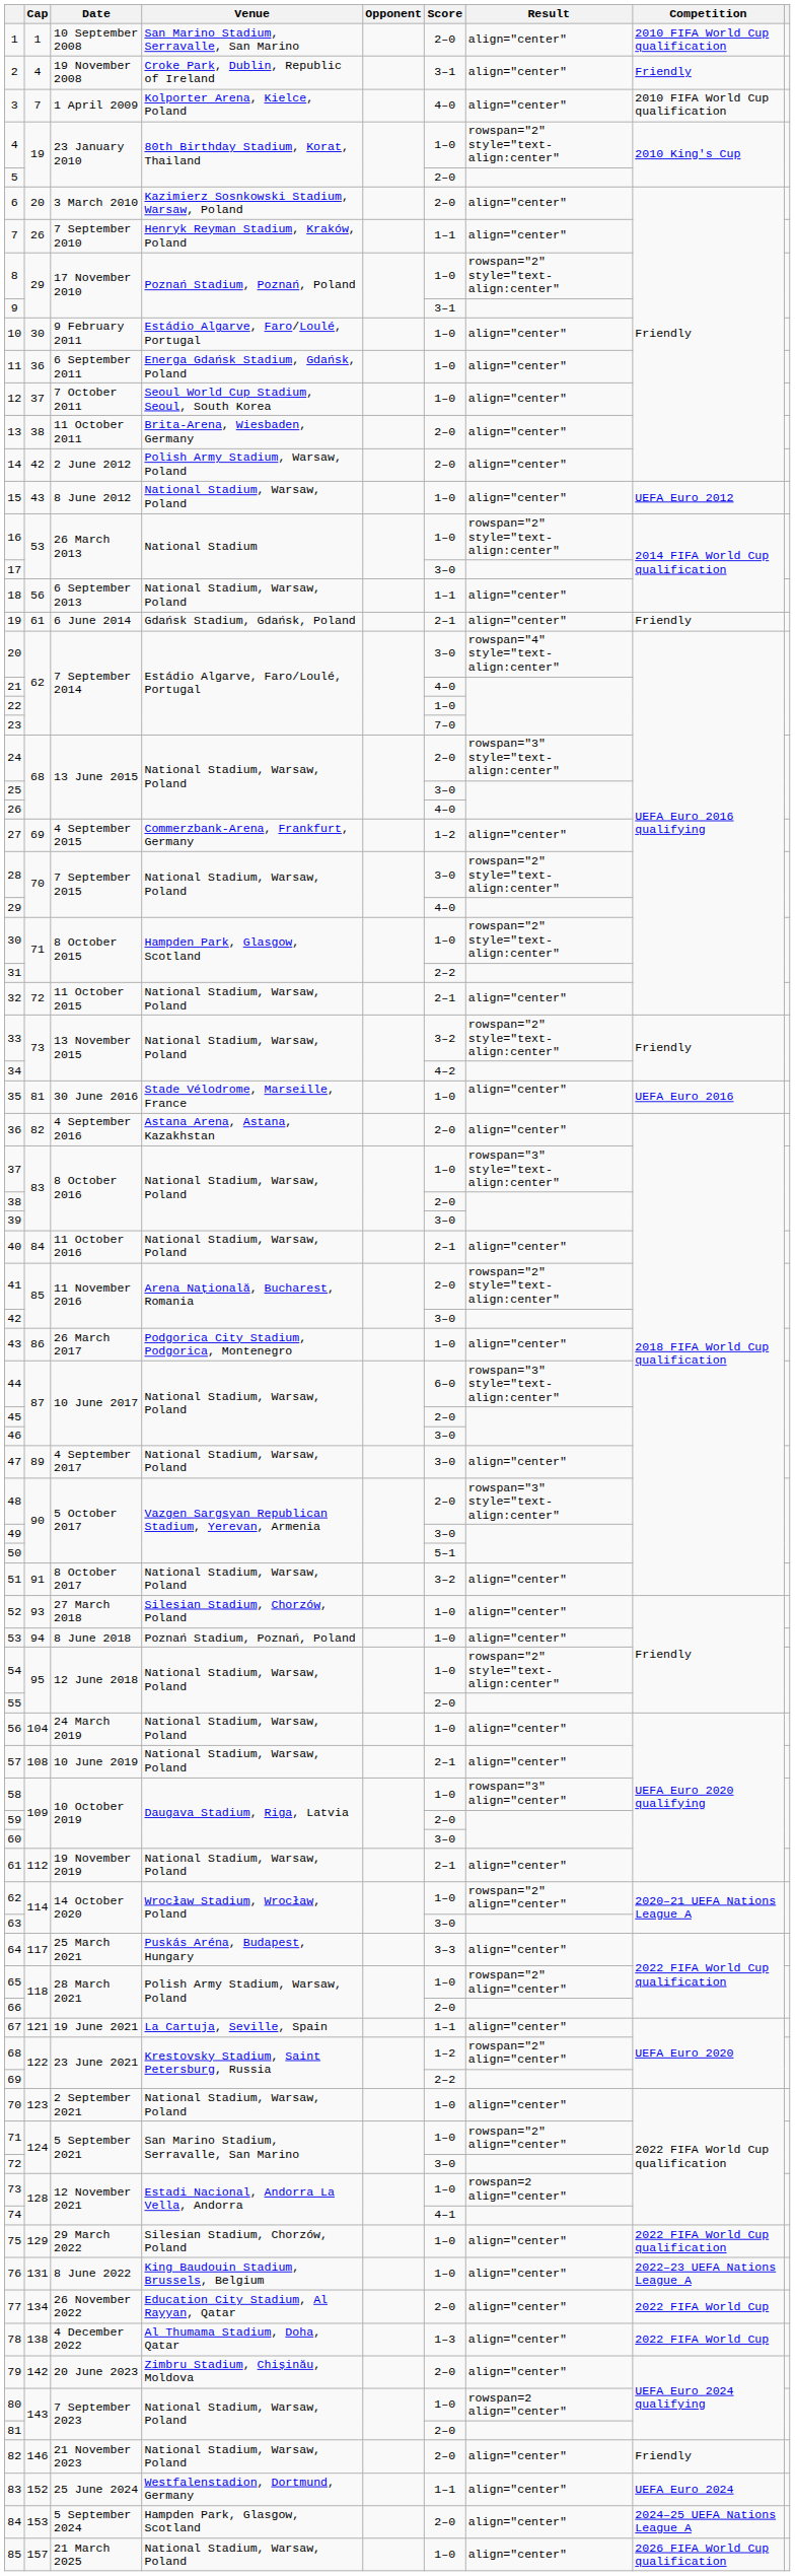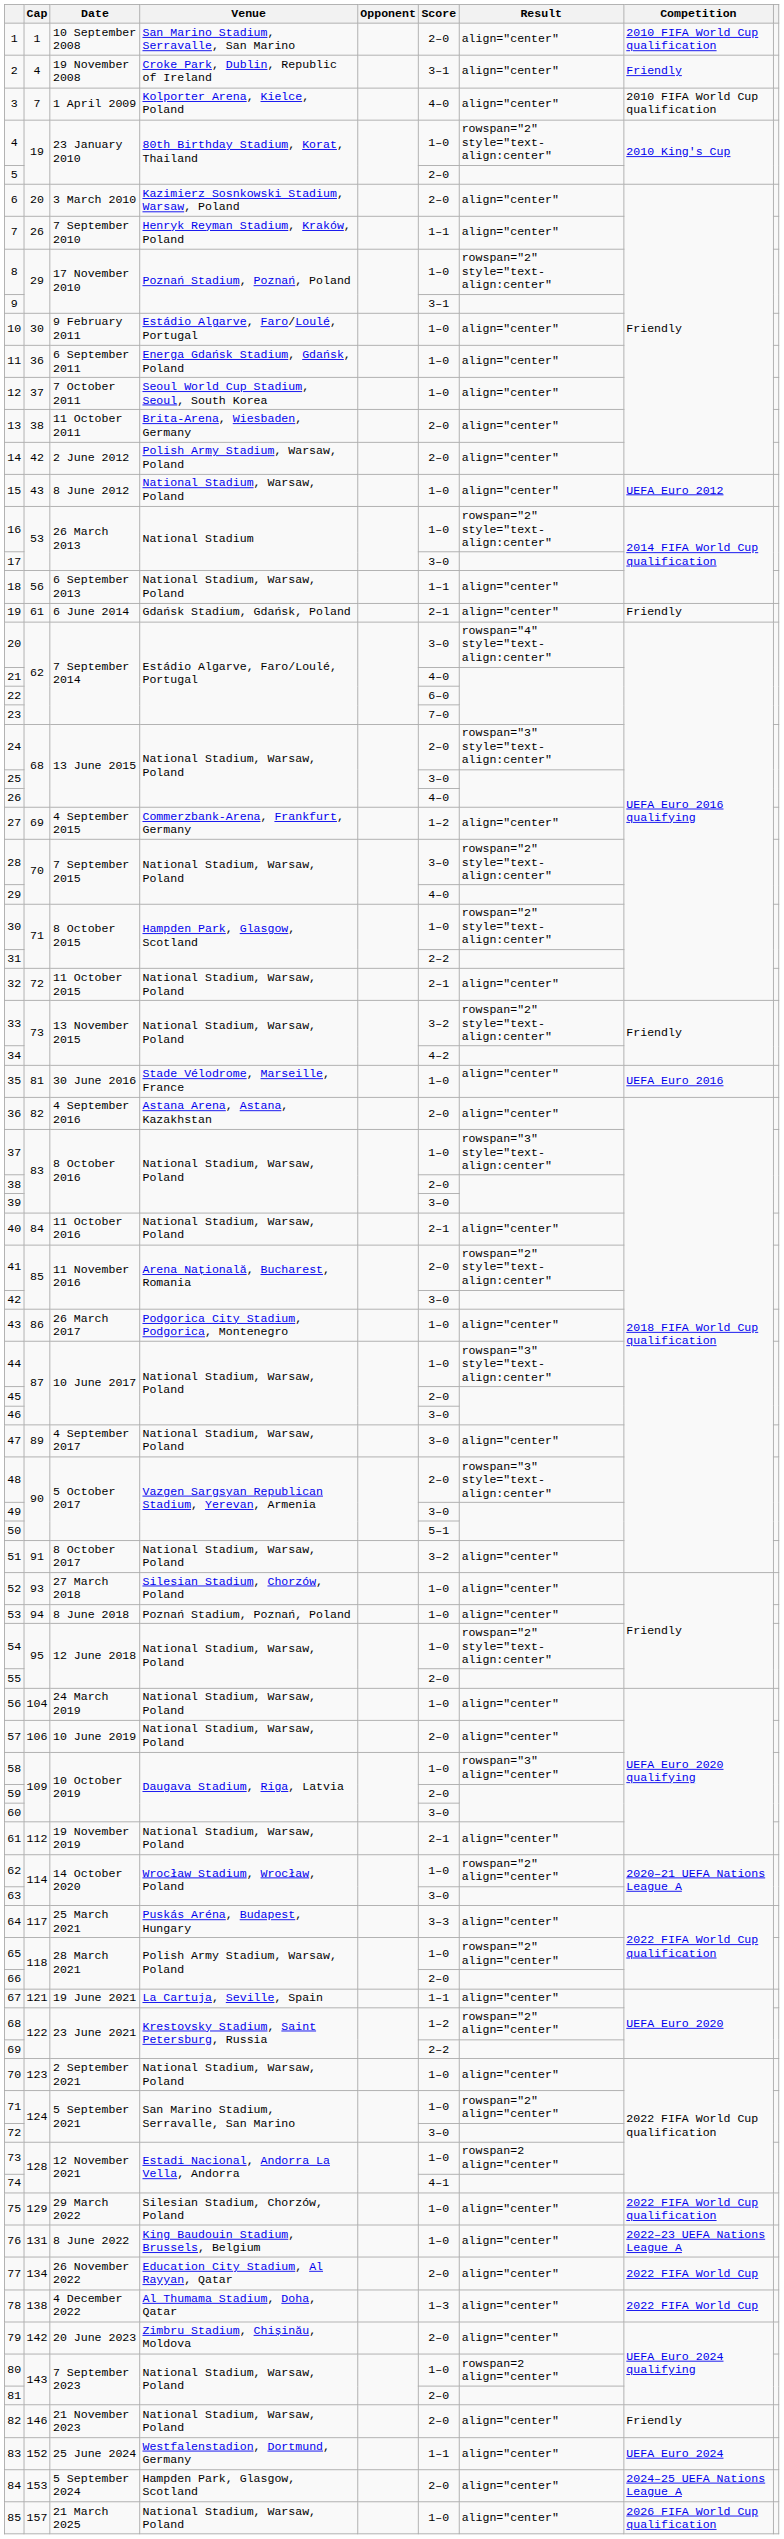 <table class="wikitable sortable">
 <tr>
 <th scope="col"></th>
 <th scope="col">Cap</th>
 <th scope="col">Date</th>
 <th scope="col">Venue</th>
 <th scope="col">Opponent</th>
 <th scope="col">Score</th>
 <th scope="col">Result</th>
 <th scope="col">Competition</th>
 <th scope="col" class="unsortable"></th>
 </tr>
 <tr>
 <td align=center>1</td>
 <td align=center>1</td>
 <td>10 September 2008</td>
 <td><a href='#'>San Marino Stadium</a>, <a href='#'>Serravalle</a>, San Marino</td>
 <td></td>
 <td align=center>2–0</td>
 <td>align="center" </td>
 <td><a href='#'>2010 FIFA World Cup qualification</a></td>
 <td></td>
 </tr>
 <tr>
 <td align=center>2</td>
 <td align=center>4</td>
 <td>19 November 2008</td>
 <td><a href='#'>Croke Park</a>, <a href='#'>Dublin</a>, Republic of Ireland</td>
 <td></td>
 <td align=center>3–1</td>
 <td>align="center" </td>
 <td><a href='#'>Friendly</a></td>
 <td></td>
 </tr>
 <tr>
 <td align=center>3</td>
 <td align=center>7</td>
 <td>1 April 2009</td>
 <td><a href='#'>Kolporter Arena</a>, <a href='#'>Kielce</a>, Poland</td>
 <td></td>
 <td align=center>4–0</td>
 <td>align="center" </td>
 <td>2010 FIFA World Cup qualification</td>
 <td></td>
 </tr>
 <tr>
 <td align=center>4</td>
 <td rowspan="2" align=center>19</td>
 <td rowspan="2">23 January 2010</td>
 <td rowspan="2"><a href='#'>80th Birthday Stadium</a>, <a href='#'>Korat</a>, Thailand</td>
 <td rowspan="2"></td>
 <td align=center>1–0</td>
 <td>rowspan="2" style="text-align:center" </td>
 <td rowspan="2"><a href='#'>2010 King's Cup</a></td>
 <td rowspan="2"></td>
 </tr>
 <tr>
 <td align=center>5</td>
 <td align=center>2–0</td>
 </tr>
 <tr>
 <td align=center>6</td>
 <td align=center>20</td>
 <td>3 March 2010</td>
 <td><a href='#'>Kazimierz Sosnkowski Stadium</a>, <a href='#'>Warsaw</a>, Poland</td>
 <td></td>
 <td align=center>2–0</td>
 <td>align="center" </td>
 <td rowspan=9>Friendly</td>
 <td></td>
 </tr>
 <tr>
 <td align=center>7</td>
 <td align=center>26</td>
 <td>7 September 2010</td>
 <td><a href='#'>Henryk Reyman Stadium</a>, <a href='#'>Kraków</a>, Poland</td>
 <td></td>
 <td align=center>1–1</td>
 <td>align="center" </td>
 <td></td>
 </tr>
 <tr>
 <td align=center>8</td>
 <td rowspan="2" align=center>29</td>
 <td rowspan="2">17 November 2010</td>
 <td rowspan="2"><a href='#'>Poznań Stadium</a>, <a href='#'>Poznań</a>, Poland</td>
 <td rowspan="2"></td>
 <td align=center>1–0</td>
 <td>rowspan="2" style="text-align:center" </td>
 <td rowspan="2"></td>
 </tr>
 <tr>
 <td align=center>9</td>
 <td align=center>3–1</td>
 </tr>
 <tr>
 <td align=center>10</td>
 <td align=center>30</td>
 <td>9 February 2011</td>
 <td><a href='#'>Estádio Algarve</a>, <a href='#'>Faro</a>/<a href='#'>Loulé</a>, Portugal</td>
 <td></td>
 <td align=center>1–0</td>
 <td>align="center" </td>
 <td></td>
 </tr>
 <tr>
 <td align=center>11</td>
 <td align=center>36</td>
 <td>6 September 2011</td>
 <td><a href='#'>Energa Gdańsk Stadium</a>, <a href='#'>Gdańsk</a>, Poland</td>
 <td></td>
 <td align=center>1–0</td>
 <td>align="center" </td>
 <td></td>
 </tr>
 <tr>
 <td align=center>12</td>
 <td align=center>37</td>
 <td>7 October 2011</td>
 <td><a href='#'>Seoul World Cup Stadium</a>, <a href='#'>Seoul</a>, South Korea</td>
 <td></td>
 <td align=center>1–0</td>
 <td>align="center" </td>
 <td></td>
 </tr>
 <tr>
 <td align=center>13</td>
 <td align=center>38</td>
 <td>11 October 2011</td>
 <td><a href='#'>Brita-Arena</a>, <a href='#'>Wiesbaden</a>, Germany</td>
 <td></td>
 <td align=center>2–0</td>
 <td>align="center" </td>
 <td></td>
 </tr>
 <tr>
 <td align=center>14</td>
 <td align=center>42</td>
 <td>2 June 2012</td>
 <td><a href='#'>Polish Army Stadium</a>, Warsaw, Poland</td>
 <td></td>
 <td align=center>2–0</td>
 <td>align="center" </td>
 <td></td>
 </tr>
 <tr>
 <td align=center>15</td>
 <td align=center>43</td>
 <td>8 June 2012</td>
 <td><a href='#'>National Stadium</a>, Warsaw, Poland</td>
 <td></td>
 <td align=center>1–0</td>
 <td>align="center" </td>
 <td><a href='#'>UEFA Euro 2012</a></td>
 <td></td>
 </tr>
 <tr>
 <td align=center>16</td>
 <td rowspan="2" align=center>53</td>
 <td rowspan="2">26 March 2013</td>
 <td rowspan="2">National Stadium</td>
 <td rowspan="2"></td>
 <td align=center>1–0</td>
 <td>rowspan="2" style="text-align:center" </td>
 <td rowspan="3"><a href='#'>2014 FIFA World Cup qualification</a></td>
 <td rowspan="2"></td>
 </tr>
 <tr>
 <td align=center>17</td>
 <td align=center>3–0</td>
 </tr>
 <tr>
 <td align=center>18</td>
 <td align=center>56</td>
 <td>6 September 2013</td>
 <td>National Stadium, Warsaw, Poland</td>
 <td></td>
 <td align=center>1–1</td>
 <td>align="center" </td>
 <td></td>
 </tr>
 <tr>
 <td align=center>19</td>
 <td align=center>61</td>
 <td>6 June 2014</td>
 <td>Gdańsk Stadium, Gdańsk, Poland</td>
 <td></td>
 <td align=center>2–1</td>
 <td>align="center" </td>
 <td>Friendly</td>
 <td></td>
 </tr>
 <tr>
 <td align=center>20</td>
 <td rowspan="4" align=center>62</td>
 <td rowspan="4">7 September 2014</td>
 <td rowspan="4">Estádio Algarve, Faro/Loulé, Portugal</td>
 <td rowspan="4"></td>
 <td align=center>3–0</td>
 <td>rowspan="4" style="text-align:center" </td>
 <td rowspan="13"><a href='#'>UEFA Euro 2016 qualifying</a></td>
 <td rowspan="4"></td>
 </tr>
 <tr>
 <td align=center>21</td>
 <td align=center>4–0</td>
 </tr>
 <tr>
 <td align=center>22</td>
-<td align=center>1–0</td>
+<td align=center>6–0</td>
 </tr>
 <tr>
 <td align=center>23</td>
 <td align=center>7–0</td>
 </tr>
 <tr>
 <td align=center>24</td>
 <td rowspan="3" align=center>68</td>
 <td rowspan="3">13 June 2015</td>
 <td rowspan="3">National Stadium, Warsaw, Poland</td>
 <td rowspan="3"></td>
 <td align=center>2–0</td>
 <td>rowspan="3" style="text-align:center" </td>
 <td rowspan="3"></td>
 </tr>
 <tr>
 <td align=center>25</td>
 <td align=center>3–0</td>
 </tr>
 <tr>
 <td align=center>26</td>
 <td align=center>4–0</td>
 </tr>
 <tr>
 <td align=center>27</td>
 <td align=center>69</td>
 <td>4 September 2015</td>
 <td><a href='#'>Commerzbank-Arena</a>, <a href='#'>Frankfurt</a>, Germany</td>
 <td></td>
 <td align=center>1–2</td>
 <td>align="center" </td>
 <td></td>
 </tr>
 <tr>
 <td align=center>28</td>
 <td rowspan="2" align=center>70</td>
 <td rowspan="2">7 September 2015</td>
 <td rowspan="2">National Stadium, Warsaw, Poland</td>
 <td rowspan="2"></td>
 <td align=center>3–0</td>
 <td>rowspan="2" style="text-align:center" </td>
 <td rowspan="2"></td>
 </tr>
 <tr>
 <td align=center>29</td>
 <td align=center>4–0</td>
 </tr>
 <tr>
 <td align=center>30</td>
 <td rowspan="2" align=center>71</td>
 <td rowspan="2">8 October 2015</td>
 <td rowspan="2"><a href='#'>Hampden Park</a>, <a href='#'>Glasgow</a>, Scotland</td>
 <td rowspan="2"></td>
 <td align=center>1–0</td>
 <td>rowspan="2" style="text-align:center" </td>
 <td rowspan="2"></td>
 </tr>
 <tr>
 <td align=center>31</td>
 <td align=center>2–2</td>
 </tr>
 <tr>
 <td align=center>32</td>
 <td align=center>72</td>
 <td>11 October 2015</td>
 <td>National Stadium, Warsaw, Poland</td>
 <td></td>
 <td align=center>2–1</td>
 <td>align="center" </td>
 <td></td>
 </tr>
 <tr>
 <td align=center>33</td>
 <td rowspan="2" align=center>73</td>
 <td rowspan="2">13 November 2015</td>
 <td rowspan="2">National Stadium, Warsaw, Poland</td>
 <td rowspan="2"></td>
 <td align=center>3–2</td>
 <td>rowspan="2" style="text-align:center" </td>
 <td rowspan="2">Friendly</td>
 <td rowspan="2"></td>
 </tr>
 <tr>
 <td align=center>34</td>
 <td align=center>4–2</td>
 </tr>
 <tr>
 <td align=center>35</td>
 <td align=center>81</td>
 <td>30 June 2016</td>
 <td><a href='#'>Stade Vélodrome</a>, <a href='#'>Marseille</a>, France</td>
 <td></td>
 <td align=center>1–0</td>
 <td>align="center" <br><br></td>
 <td><a href='#'>UEFA Euro 2016</a></td>
 <td></td>
 </tr>
 <tr>
 <td align=center>36</td>
 <td align=center>82</td>
 <td>4 September 2016</td>
 <td><a href='#'>Astana Arena</a>, <a href='#'>Astana</a>, Kazakhstan</td>
 <td></td>
 <td align=center>2–0</td>
 <td>align="center" </td>
 <td rowspan="16"><a href='#'>2018 FIFA World Cup qualification</a></td>
 <td></td>
 </tr>
 <tr>
 <td align=center>37</td>
 <td rowspan="3" align=center>83</td>
 <td rowspan="3">8 October 2016</td>
 <td rowspan="3">National Stadium, Warsaw, Poland</td>
 <td rowspan="3"></td>
 <td align=center>1–0</td>
 <td>rowspan="3" style="text-align:center" </td>
 <td rowspan="3"></td>
 </tr>
 <tr>
 <td align=center>38</td>
 <td align=center>2–0</td>
 </tr>
 <tr>
 <td align=center>39</td>
 <td align=center>3–0</td>
 </tr>
 <tr>
 <td align=center>40</td>
 <td align=center>84</td>
 <td>11 October 2016</td>
 <td>National Stadium, Warsaw, Poland</td>
 <td></td>
 <td align=center>2–1</td>
 <td>align="center" </td>
 <td></td>
 </tr>
 <tr>
 <td align=center>41</td>
 <td rowspan="2" align=center>85</td>
 <td rowspan="2">11 November 2016</td>
 <td rowspan="2"><a href='#'>Arena Națională</a>, <a href='#'>Bucharest</a>, Romania</td>
 <td rowspan="2"></td>
 <td align=center>2–0</td>
 <td>rowspan="2" style="text-align:center" </td>
 <td rowspan="2"></td>
 </tr>
 <tr>
 <td align=center>42</td>
 <td align=center>3–0</td>
 </tr>
 <tr>
 <td align=center>43</td>
 <td align=center>86</td>
 <td>26 March 2017</td>
 <td><a href='#'>Podgorica City Stadium</a>, <a href='#'>Podgorica</a>, Montenegro</td>
 <td></td>
 <td align=center>1–0</td>
 <td>align="center" </td>
 <td></td>
 </tr>
 <tr>
 <td align=center>44</td>
 <td rowspan="3" align=center>87</td>
 <td rowspan="3">10 June 2017</td>
 <td rowspan="3">National Stadium, Warsaw, Poland</td>
 <td rowspan="3"></td>
-<td align=center>6–0</td>
+<td align=center>1–0</td>
 <td>rowspan="3" style="text-align:center" </td>
 <td rowspan="3"></td>
 </tr>
 <tr>
 <td align=center>45</td>
 <td align=center>2–0</td>
 </tr>
 <tr>
 <td align=center>46</td>
 <td align=center>3–0</td>
 </tr>
 <tr>
 <td align=center>47</td>
 <td align=center>89</td>
 <td>4 September 2017</td>
 <td>National Stadium, Warsaw, Poland</td>
 <td></td>
 <td align=center>3–0</td>
 <td>align="center" </td>
 <td></td>
 </tr>
 <tr>
 <td align=center>48</td>
 <td rowspan="3" align=center>90</td>
 <td rowspan="3">5 October 2017</td>
 <td rowspan="3"><a href='#'>Vazgen Sargsyan Republican Stadium</a>, <a href='#'>Yerevan</a>, Armenia</td>
 <td rowspan="3"></td>
 <td align=center>2–0</td>
 <td>rowspan="3" style="text-align:center" </td>
 <td rowspan="3"></td>
 </tr>
 <tr>
 <td align=center>49</td>
 <td align=center>3–0</td>
 </tr>
 <tr>
 <td align=center>50</td>
 <td align=center>5–1</td>
 </tr>
 <tr>
 <td align=center>51</td>
 <td align=center>91</td>
 <td>8 October 2017</td>
 <td>National Stadium, Warsaw, Poland</td>
 <td></td>
 <td align=center>3–2</td>
 <td>align="center" </td>
 <td></td>
 </tr>
 <tr>
 <td align=center>52</td>
 <td align=center>93</td>
 <td>27 March 2018</td>
 <td><a href='#'>Silesian Stadium</a>, <a href='#'>Chorzów</a>, Poland</td>
 <td></td>
 <td align=center>1–0</td>
 <td>align="center" </td>
 <td rowspan=4>Friendly</td>
 <td></td>
 </tr>
 <tr>
 <td align=center>53</td>
 <td align=center>94</td>
 <td>8 June 2018</td>
 <td>Poznań Stadium, Poznań, Poland</td>
 <td></td>
 <td align=center>1–0</td>
 <td>align="center" </td>
 <td></td>
 </tr>
 <tr>
 <td align=center>54</td>
 <td rowspan="2" align=center>95</td>
 <td rowspan="2">12 June 2018</td>
 <td rowspan="2">National Stadium, Warsaw, Poland</td>
 <td rowspan="2"></td>
 <td align=center>1–0</td>
 <td>rowspan="2" style="text-align:center" </td>
 <td rowspan="2"></td>
 </tr>
 <tr>
 <td align=center>55</td>
 <td align=center>2–0</td>
 </tr>
 <tr>
 <td align=center>56</td>
 <td align=center>104</td>
 <td>24 March 2019</td>
 <td>National Stadium, Warsaw, Poland</td>
 <td></td>
 <td align=center>1–0</td>
 <td>align="center" </td>
 <td rowspan="6"><a href='#'>UEFA Euro 2020 qualifying</a></td>
 <td></td>
 </tr>
 <tr>
 <td align=center>57</td>
-<td align=center>108</td>
+<td align=center>106</td>
 <td>10 June 2019</td>
 <td>National Stadium, Warsaw, Poland</td>
 <td></td>
-<td align=center>2–1</td>
+<td align=center>2–0</td>
 <td>align="center" </td>
 <td></td>
 </tr>
 <tr>
 <td align=center>58</td>
 <td rowspan="3" align=center>109</td>
 <td rowspan="3">10 October 2019</td>
 <td rowspan="3"><a href='#'>Daugava Stadium</a>, <a href='#'>Riga</a>, Latvia</td>
 <td rowspan=3></td>
 <td align=center>1–0</td>
 <td>rowspan="3" align="center" </td>
 <td rowspan="3"></td>
 </tr>
 <tr>
 <td align=center>59</td>
 <td align=center>2–0</td>
 </tr>
 <tr>
 <td align=center>60</td>
 <td align=center>3–0</td>
 </tr>
 <tr>
 <td align=center>61</td>
 <td align=center>112</td>
 <td>19 November 2019</td>
 <td>National Stadium, Warsaw, Poland</td>
 <td></td>
 <td align=center>2–1</td>
 <td>align="center" </td>
 <td></td>
 </tr>
 <tr>
 <td align=center>62</td>
 <td rowspan="2" align=center>114</td>
 <td rowspan="2">14 October 2020</td>
 <td rowspan="2"><a href='#'>Wrocław Stadium</a>, <a href='#'>Wrocław</a>, Poland</td>
 <td rowspan="2"></td>
 <td align=center>1–0</td>
 <td>rowspan="2" align="center" </td>
 <td rowspan="2"><a href='#'>2020–21 UEFA Nations League A</a></td>
 <td rowspan="2"></td>
 </tr>
 <tr>
 <td align=center>63</td>
 <td align=center>3–0</td>
 </tr>
 <tr>
 <td align=center>64</td>
 <td align=center>117</td>
 <td>25 March 2021</td>
 <td><a href='#'>Puskás Aréna</a>, <a href='#'>Budapest</a>, Hungary</td>
 <td></td>
 <td align=center>3–3</td>
 <td>align="center" </td>
 <td rowspan="3"><a href='#'>2022 FIFA World Cup qualification</a></td>
 <td></td>
 </tr>
 <tr>
 <td align=center>65</td>
 <td rowspan="2" align=center>118</td>
 <td rowspan="2">28 March 2021</td>
 <td rowspan="2">Polish Army Stadium, Warsaw, Poland</td>
 <td rowspan="2"></td>
 <td align=center>1–0</td>
 <td>rowspan="2" align="center" </td>
 <td rowspan="2"></td>
 </tr>
 <tr>
 <td align=center>66</td>
 <td align=center>2–0</td>
 </tr>
 <tr>
 <td align=center>67</td>
 <td align=center>121</td>
 <td>19 June 2021</td>
 <td><a href='#'>La Cartuja</a>, <a href='#'>Seville</a>, Spain</td>
 <td></td>
 <td align=center>1–1</td>
 <td>align="center" </td>
 <td rowspan="3"><a href='#'>UEFA Euro 2020</a></td>
 <td></td>
 </tr>
 <tr>
 <td align=center>68</td>
 <td rowspan=2 align=center>122</td>
 <td rowspan=2>23 June 2021</td>
 <td rowspan=2><a href='#'>Krestovsky Stadium</a>, <a href='#'>Saint Petersburg</a>, Russia</td>
 <td rowspan=2></td>
 <td align=center>1–2</td>
 <td>rowspan="2" align="center" </td>
 <td rowspan="2"></td>
 </tr>
 <tr>
 <td align=center>69</td>
 <td align=center>2–2</td>
 </tr>
 <tr>
 <td align=center>70</td>
 <td align=center>123</td>
 <td>2 September 2021</td>
 <td>National Stadium, Warsaw, Poland</td>
 <td></td>
 <td align=center>1–0</td>
 <td>align="center" </td>
 <td rowspan="5">2022 FIFA World Cup qualification</td>
 <td></td>
 </tr>
 <tr>
 <td align=center>71</td>
 <td rowspan=2 align=center>124</td>
 <td rowspan=2>5 September 2021</td>
 <td rowspan=2>San Marino Stadium, Serravalle, San Marino</td>
 <td rowspan=2></td>
 <td align=center>1–0</td>
 <td>rowspan="2" align="center" </td>
 <td rowspan="2"></td>
 </tr>
 <tr>
 <td align=center>72</td>
 <td align=center>3–0</td>
 </tr>
 <tr>
 <td align=center>73</td>
 <td rowspan=2 align=center>128</td>
 <td rowspan=2>12 November 2021</td>
 <td rowspan=2><a href='#'>Estadi Nacional</a>, <a href='#'>Andorra La Vella</a>, Andorra</td>
 <td rowspan=2></td>
 <td align=center>1–0</td>
 <td>rowspan=2 align="center" </td>
 <td rowspan="2"></td>
 </tr>
 <tr>
 <td align=center>74</td>
 <td align=center>4–1</td>
 </tr>
 <tr>
 <td align=center>75</td>
 <td align=center>129</td>
 <td>29 March 2022</td>
 <td>Silesian Stadium, Chorzów, Poland</td>
 <td></td>
 <td align=center>1–0</td>
 <td>align="center" </td>
 <td><a href='#'>2022 FIFA World Cup qualification</a></td>
 <td></td>
 </tr>
 <tr>
 <td align=center>76</td>
 <td align=center>131</td>
 <td>8 June 2022</td>
 <td><a href='#'>King Baudouin Stadium</a>, <a href='#'>Brussels</a>, Belgium</td>
 <td></td>
 <td align=center>1–0</td>
 <td>align="center" </td>
 <td><a href='#'>2022–23 UEFA Nations League A</a></td>
 <td></td>
 </tr>
 <tr>
 <td align=center>77</td>
 <td align=center>134</td>
 <td>26 November 2022</td>
 <td><a href='#'>Education City Stadium</a>, <a href='#'>Al Rayyan</a>, Qatar</td>
 <td></td>
 <td align=center>2–0</td>
 <td>align="center" </td>
 <td><a href='#'>2022 FIFA World Cup</a></td>
 <td></td>
 </tr>
 <tr>
 <td align=center>78</td>
 <td align=center>138</td>
 <td>4 December 2022</td>
 <td><a href='#'>Al Thumama Stadium</a>, <a href='#'>Doha</a>, Qatar</td>
 <td></td>
 <td align=center>1–3</td>
 <td>align="center" </td>
 <td><a href='#'>2022 FIFA World Cup</a></td>
 <td></td>
 </tr>
 <tr>
 <td align=center>79</td>
 <td align=center>142</td>
 <td>20 June 2023</td>
 <td><a href='#'>Zimbru Stadium</a>, <a href='#'>Chișinău</a>, Moldova</td>
 <td></td>
 <td align=center>2–0</td>
 <td>align="center" </td>
 <td rowspan=3><a href='#'>UEFA Euro 2024 qualifying</a></td>
 <td></td>
 </tr>
 <tr>
 <td align=center>80</td>
 <td rowspan=2 align=center>143</td>
 <td rowspan=2>7 September 2023</td>
 <td rowspan=2>National Stadium, Warsaw, Poland</td>
 <td rowspan=2></td>
 <td align=center>1–0</td>
 <td>rowspan=2 align="center" </td>
 <td rowspan="2"></td>
 </tr>
 <tr>
 <td align=center>81</td>
 <td align=center>2–0</td>
 </tr>
 <tr>
 <td align=center>82</td>
 <td align=center>146</td>
 <td>21 November 2023</td>
 <td>National Stadium, Warsaw, Poland</td>
 <td></td>
 <td align=center>2–0</td>
 <td>align="center" </td>
 <td>Friendly</td>
 <td></td>
 </tr>
 <tr>
 <td align=center>83</td>
 <td align=center>152</td>
 <td>25 June 2024</td>
 <td><a href='#'>Westfalenstadion</a>, <a href='#'>Dortmund</a>, Germany</td>
 <td></td>
 <td align=center>1–1</td>
 <td>align="center" </td>
 <td><a href='#'>UEFA Euro 2024</a></td>
 <td></td>
 </tr>
 <tr>
 <td align=center>84</td>
 <td align=center>153</td>
 <td>5 September 2024</td>
 <td>Hampden Park, Glasgow, Scotland</td>
 <td></td>
 <td align=center>2–0</td>
 <td>align="center" </td>
 <td><a href='#'>2024–25 UEFA Nations League A</a></td>
 <td></td>
 </tr>
 <tr>
 <td align=center>85</td>
 <td align=center>157</td>
 <td>21 March 2025</td>
 <td>National Stadium, Warsaw, Poland</td>
 <td></td>
 <td align=center>1–0</td>
 <td>align="center" </td>
 <td><a href='#'>2026 FIFA World Cup qualification</a></td>
 <td></td>
 </tr>
 </table>
